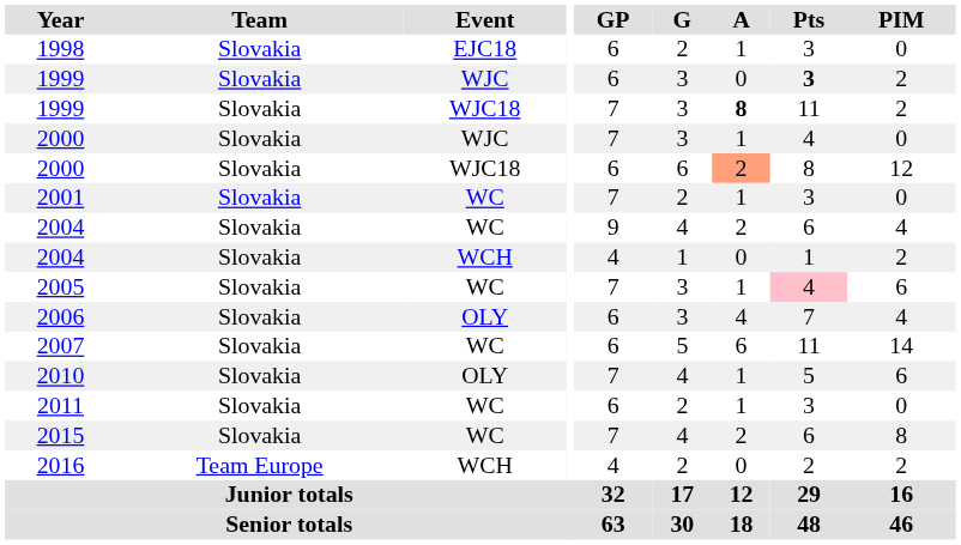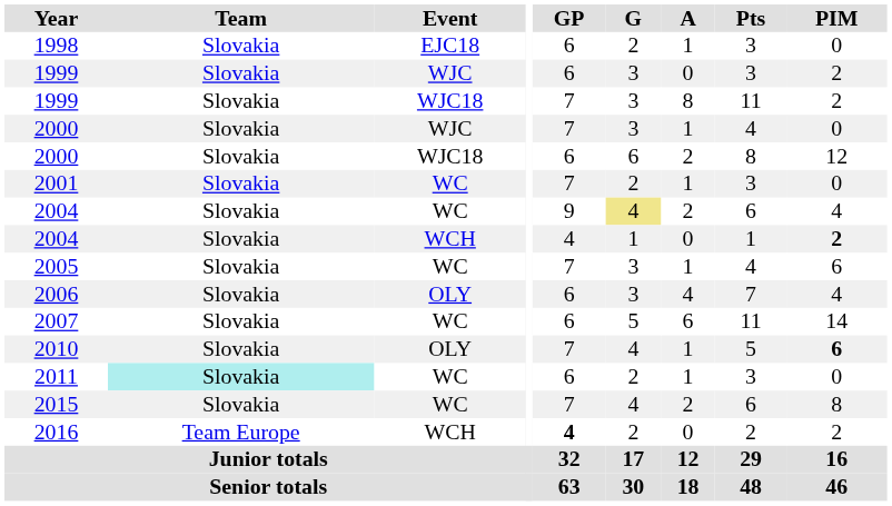 <table border="0" cellpadding="1" cellspacing="0" ID="Table3" style="text-align:center; width:40em">
 <tr bgcolor="#e0e0e0">
 <th>Year</th>
 <th>Team</th>
 <th>Event</th>
 <th rowspan="102" bgcolor="#ffffff"></th>
 <th>GP</th>
 <th>G</th>
 <th>A</th>
 <th>Pts</th>
 <th>PIM</th>
 </tr>
 <tr>
 <td><a href='#'>1998</a></td>
 <td><a href='#'>Slovakia</a></td>
 <td><a href='#'>EJC18</a></td>
 <td>6</td>
 <td>2</td>
 <td>1</td>
 <td>3</td>
 <td>0</td>
 </tr>
 <tr bgcolor="#f0f0f0">
 <td><a href='#'>1999</a></td>
 <td><a href='#'>Slovakia</a></td>
 <td><a href='#'>WJC</a></td>
 <td>6</td>
 <td>3</td>
 <td>0</td>
-<td><strong>3</strong></td>
+<td>3</td>
 <td>2</td>
 </tr>
 <tr>
 <td><a href='#'>1999</a></td>
 <td>Slovakia</td>
 <td><a href='#'>WJC18</a></td>
 <td>7</td>
 <td>3</td>
-<td><strong>8</strong></td>
+<td>8</td>
 <td>11</td>
 <td>2</td>
 </tr>
 <tr bgcolor="#f0f0f0">
 <td><a href='#'>2000</a></td>
 <td>Slovakia</td>
 <td>WJC</td>
 <td>7</td>
 <td>3</td>
 <td>1</td>
 <td>4</td>
 <td>0</td>
 </tr>
 <tr>
 <td><a href='#'>2000</a></td>
 <td>Slovakia</td>
 <td>WJC18</td>
 <td>6</td>
 <td>6</td>
-<td style="background: lightsalmon;">2</td>
+<td>2</td>
 <td>8</td>
 <td>12</td>
 </tr>
 <tr bgcolor="#f0f0f0">
 <td><a href='#'>2001</a></td>
 <td><a href='#'>Slovakia</a></td>
 <td><a href='#'>WC</a></td>
 <td>7</td>
 <td>2</td>
 <td>1</td>
 <td>3</td>
 <td>0</td>
 </tr>
 <tr>
 <td><a href='#'>2004</a></td>
 <td>Slovakia</td>
 <td>WC</td>
 <td>9</td>
-<td>4</td>
+<td style="background: khaki;">4</td>
 <td>2</td>
 <td>6</td>
 <td>4</td>
 </tr>
 <tr bgcolor="#f0f0f0">
 <td><a href='#'>2004</a></td>
 <td>Slovakia</td>
 <td><a href='#'>WCH</a></td>
 <td>4</td>
 <td>1</td>
 <td>0</td>
 <td>1</td>
-<td>2</td>
+<td><strong>2</strong></td>
 </tr>
 <tr>
 <td><a href='#'>2005</a></td>
 <td>Slovakia</td>
 <td>WC</td>
 <td>7</td>
 <td>3</td>
 <td>1</td>
-<td style="background: pink;">4</td>
+<td>4</td>
 <td>6</td>
 </tr>
 <tr bgcolor="#f0f0f0">
 <td><a href='#'>2006</a></td>
 <td>Slovakia</td>
 <td><a href='#'>OLY</a></td>
 <td>6</td>
 <td>3</td>
 <td>4</td>
 <td>7</td>
 <td>4</td>
 </tr>
 <tr>
 <td><a href='#'>2007</a></td>
 <td>Slovakia</td>
 <td>WC</td>
 <td>6</td>
 <td>5</td>
 <td>6</td>
 <td>11</td>
 <td>14</td>
 </tr>
 <tr bgcolor="#f0f0f0">
 <td><a href='#'>2010</a></td>
 <td>Slovakia</td>
 <td>OLY</td>
 <td>7</td>
 <td>4</td>
 <td>1</td>
 <td>5</td>
-<td>6</td>
+<td><strong>6</strong></td>
 </tr>
 <tr>
 <td><a href='#'>2011</a></td>
-<td>Slovakia</td>
+<td style="background: paleturquoise;">Slovakia</td>
 <td>WC</td>
 <td>6</td>
 <td>2</td>
 <td>1</td>
 <td>3</td>
 <td>0</td>
 </tr>
 <tr bgcolor="#f0f0f0">
 <td><a href='#'>2015</a></td>
 <td>Slovakia</td>
 <td>WC</td>
 <td>7</td>
 <td>4</td>
 <td>2</td>
 <td>6</td>
 <td>8</td>
 </tr>
 <tr>
 <td><a href='#'>2016</a></td>
 <td><a href='#'>Team Europe</a></td>
 <td>WCH</td>
-<td>4</td>
+<td><strong>4</strong></td>
 <td>2</td>
 <td>0</td>
 <td>2</td>
 <td>2</td>
 </tr>
 <tr bgcolor="#e0e0e0">
 <th colspan=4>Junior totals</th>
 <th>32</th>
 <th>17</th>
 <th>12</th>
 <th>29</th>
 <th>16</th>
 </tr>
 <tr bgcolor="#e0e0e0">
 <th colspan=4>Senior totals</th>
 <th>63</th>
 <th>30</th>
 <th>18</th>
 <th>48</th>
 <th>46</th>
 </tr>
 </table>
